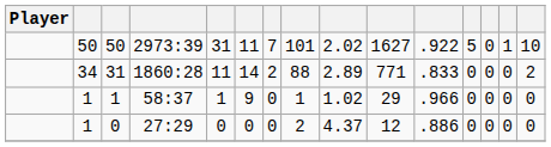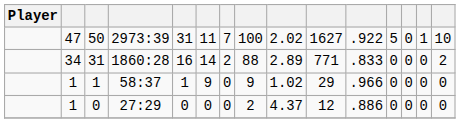 <table class="wikitable sortable" style="text-align:center;">
 <tr>
 <th>Player</th>
 <th></th>
 <th></th>
 <th></th>
 <th></th>
 <th></th>
 <th></th>
 <th></th>
 <th></th>
 <th></th>
 <th></th>
 <th></th>
 <th></th>
 <th></th>
 <th></th>
 </tr>
 <tr>
 <td></td>
-<td>50</td>
+<td>47</td>
 <td>50</td>
 <td>2973:39</td>
 <td>31</td>
 <td>11</td>
 <td>7</td>
-<td>101</td>
+<td>100</td>
 <td>2.02</td>
 <td>1627</td>
 <td>.922</td>
 <td>5</td>
 <td>0</td>
 <td>1</td>
 <td>10</td>
 </tr>
 <tr>
 <td></td>
 <td>34</td>
 <td>31</td>
 <td>1860:28</td>
-<td>11</td>
+<td>16</td>
 <td>14</td>
 <td>2</td>
 <td>88</td>
 <td>2.89</td>
 <td>771</td>
 <td>.833</td>
 <td>0</td>
 <td>0</td>
 <td>0</td>
 <td>2</td>
 </tr>
 <tr>
 <td></td>
 <td>1</td>
 <td>1</td>
 <td>58:37</td>
 <td>1</td>
 <td>9</td>
 <td>0</td>
-<td>1</td>
+<td>9</td>
 <td>1.02</td>
 <td>29</td>
 <td>.966</td>
 <td>0</td>
 <td>0</td>
 <td>0</td>
 <td>0</td>
 </tr>
 <tr>
 <td></td>
 <td>1</td>
 <td>0</td>
 <td>27:29</td>
 <td>0</td>
 <td>0</td>
 <td>0</td>
 <td>2</td>
 <td>4.37</td>
 <td>12</td>
 <td>.886</td>
 <td>0</td>
 <td>0</td>
 <td>0</td>
 <td>0</td>
 </tr>
 <tr>
 </tr>
 </table>
